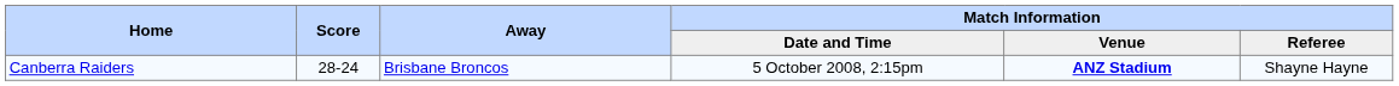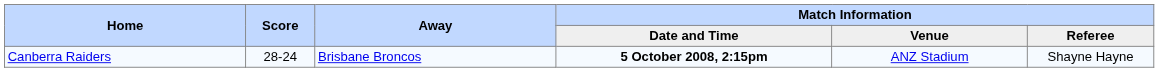 <table border=1 style="border-collapse:collapse; font-size:90%; text-align:center;" cellpadding=3 cellspacing=0 width=100%>
 <tr bgcolor=#C1D8FF>
 <th rowspan=2 width=21%>Home</th>
 <th rowspan=2 width=6%>Score</th>
 <th rowspan=2 width=21%>Away</th>
 <th colspan=3>Match Information</th>
 </tr>
 <tr bgcolor=#EFEFEF>
 <th width=24%>Date and Time</th>
 <th width=17%>Venue</th>
 <th width=11%>Referee</th>
 </tr>
 <tr bgcolor=#F5FAFF>
 <td align=left> <a href='#'>Canberra Raiders</a></td>
 <td>28-24</td>
 <td align=left> <a href='#'>Brisbane Broncos</a></td>
-<td>5 October 2008, 2:15pm</td>
-<td><strong><a href='#'>ANZ Stadium</a></strong></td>
+<td><strong>5 October 2008, 2:15pm</strong></td>
+<td><a href='#'>ANZ Stadium</a></td>
 <td>Shayne Hayne</td>
 </tr>
 </table>
